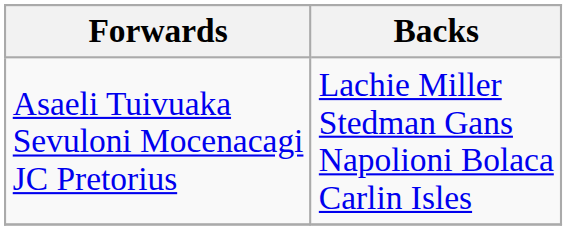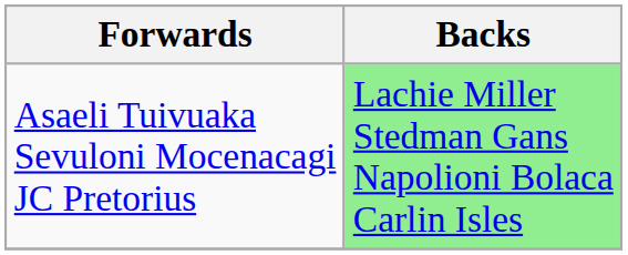 <table class="wikitable">
 <tr>
 </tr>
 <tr>
 <th>Forwards</th>
 <th>Backs</th>
 </tr>
 <tr>
 <td> <a href='#'>Asaeli Tuivuaka</a> <br>  <a href='#'>Sevuloni Mocenacagi</a> <br>  <a href='#'>JC Pretorius</a></td>
-<td> <a href='#'>Lachie Miller</a> <br>  <a href='#'>Stedman Gans</a> <br>  <a href='#'>Napolioni Bolaca</a> <br>  <a href='#'>Carlin Isles</a></td>
+<td style="background: lightgreen;"> <a href='#'>Lachie Miller</a> <br>  <a href='#'>Stedman Gans</a> <br>  <a href='#'>Napolioni Bolaca</a> <br>  <a href='#'>Carlin Isles</a></td>
 </tr>
 <tr>
 </tr>
 </table>
